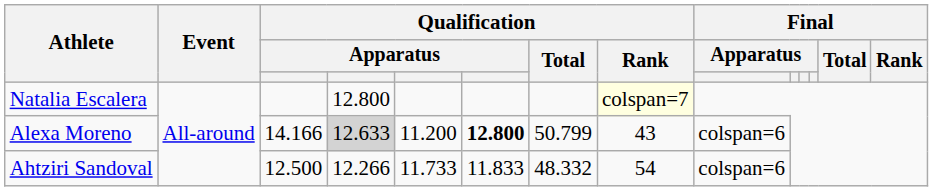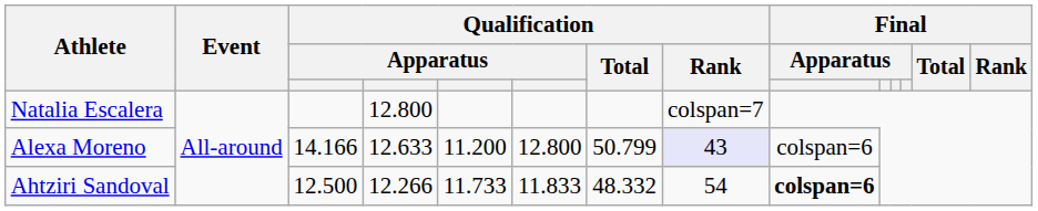 <table class="wikitable" style="font-size:90%">
 <tr>
 <th rowspan=3>Athlete</th>
 <th rowspan=3>Event</th>
 <th colspan=6>Qualification</th>
 <th colspan=6>Final</th>
 </tr>
 <tr style=font-size:95%>
 <th colspan=4>Apparatus</th>
 <th rowspan=2>Total</th>
 <th rowspan=2>Rank</th>
 <th colspan=4>Apparatus</th>
 <th rowspan=2>Total</th>
 <th rowspan=2>Rank</th>
 </tr>
 <tr style=font-size:95%>
 <th></th>
 <th></th>
 <th></th>
 <th></th>
 <th></th>
 <th></th>
 <th></th>
 <th></th>
 </tr>
 <tr align=center>
 <td align=left><a href='#'>Natalia Escalera</a></td>
 <td align=left rowspan=3><a href='#'>All-around</a></td>
 <td></td>
 <td>12.800</td>
 <td></td>
 <td></td>
 <td></td>
-<td style="background: lightyellow;">colspan=7 </td>
+<td>colspan=7 </td>
 </tr>
 <tr align=center>
 <td align=left><a href='#'>Alexa Moreno</a></td>
 <td>14.166</td>
-<td style="background: lightgrey;">12.633</td>
+<td>12.633</td>
 <td>11.200</td>
-<td><strong>12.800</strong></td>
+<td>12.800</td>
 <td>50.799</td>
-<td>43</td>
+<td style="background: lavender;">43</td>
 <td>colspan=6</td>
 </tr>
 <tr align=center>
 <td align=left><a href='#'>Ahtziri Sandoval</a></td>
 <td>12.500</td>
 <td>12.266</td>
 <td>11.733</td>
 <td>11.833</td>
 <td>48.332</td>
 <td>54</td>
-<td>colspan=6</td>
+<td><strong>colspan=6</strong></td>
 </tr>
 </table>
